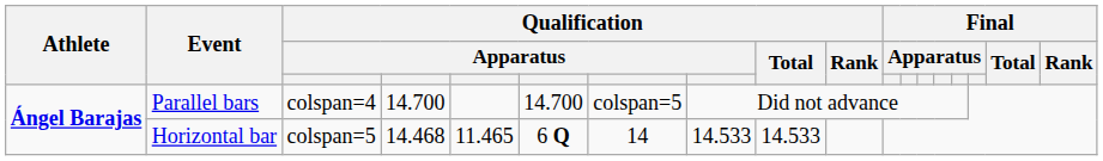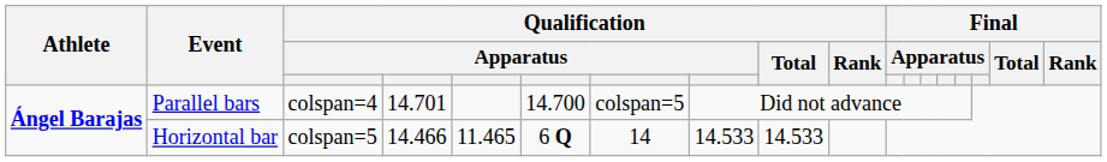 <table class="wikitable" style="font-size:90%">
 <tr>
 <th rowspan=3>Athlete</th>
 <th rowspan=3>Event</th>
 <th colspan =8>Qualification</th>
 <th colspan =8>Final</th>
 </tr>
 <tr style="font-size:95%">
 <th colspan=6>Apparatus</th>
 <th rowspan=2>Total</th>
 <th rowspan=2>Rank</th>
 <th colspan=6>Apparatus</th>
 <th rowspan=2>Total</th>
 <th rowspan=2>Rank</th>
 </tr>
 <tr style="font-size:95%">
 <th></th>
 <th></th>
 <th></th>
 <th></th>
 <th></th>
 <th></th>
 <th></th>
 <th></th>
 <th></th>
 <th></th>
 <th></th>
 <th></th>
 </tr>
 <tr align=center>
 <td align=left rowspan=2><strong><a href='#'>Ángel Barajas</a></strong></td>
 <td align=left><a href='#'>Parallel bars</a></td>
 <td>colspan=4 </td>
-<td>14.700</td>
+<td>14.701</td>
 <td></td>
 <td>14.700</td>
 <td>colspan=5 </td>
 <td colspan=8>Did not advance</td>
 </tr>
 <tr align=center>
 <td align=left><a href='#'>Horizontal bar</a></td>
 <td>colspan=5 </td>
-<td>14.468</td>
+<td>14.466</td>
 <td>11.465</td>
 <td>6 <strong>Q</strong></td>
 <td>14</td>
 <td>14.533</td>
 <td>14.533</td>
 <td></td>
 </tr>
 </table>
